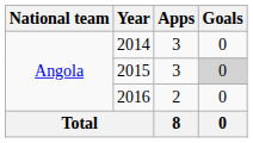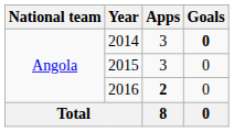 <table class="wikitable" style="text-align:center">
 <tr>
 <th>National team</th>
 <th>Year</th>
 <th>Apps</th>
 <th>Goals</th>
 </tr>
 <tr>
 <td rowspan="3"><a href='#'>Angola</a></td>
 <td>2014</td>
 <td>3</td>
-<td>0</td>
+<td><strong>0</strong></td>
 </tr>
 <tr>
 <td>2015</td>
 <td>3</td>
-<td style="background: lightgrey;">0</td>
+<td>0</td>
 </tr>
 <tr>
 <td>2016</td>
-<td>2</td>
+<td><strong>2</strong></td>
 <td>0</td>
 </tr>
 <tr>
 <th colspan="2">Total</th>
 <th>8</th>
 <th>0</th>
 </tr>
 </table>
